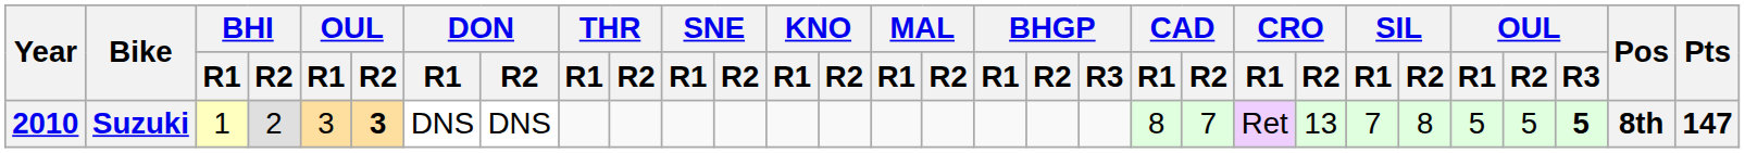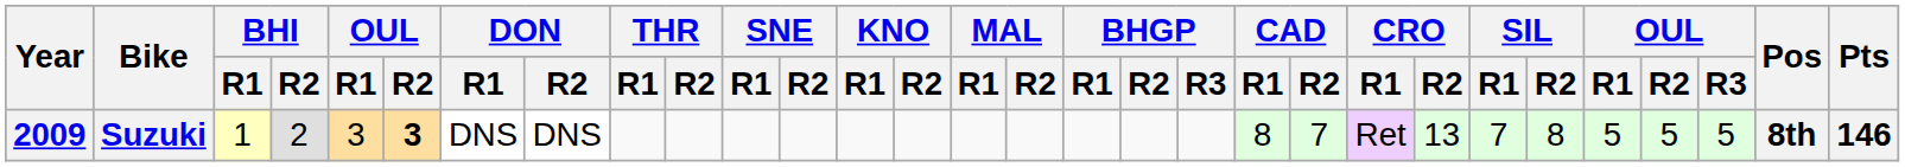 <table class="wikitable" style="text-align: center;font size:85%">
 <tr valign="top">
 <th valign="middle" rowspan=2>Year</th>
 <th valign="middle" rowspan=2>Bike</th>
 <th colspan=2><a href='#'>BHI</a><br></th>
 <th colspan=2><a href='#'>OUL</a><br></th>
 <th colspan=2><a href='#'>DON</a><br></th>
 <th colspan=2><a href='#'>THR</a><br></th>
 <th colspan=2><a href='#'>SNE</a><br></th>
 <th colspan=2><a href='#'>KNO</a><br></th>
 <th colspan=2><a href='#'>MAL</a><br></th>
 <th colspan=3><a href='#'>BHGP</a><br></th>
 <th colspan=2><a href='#'>CAD</a><br></th>
 <th colspan=2><a href='#'>CRO</a><br></th>
 <th colspan=2><a href='#'>SIL</a><br></th>
 <th colspan=3><a href='#'>OUL</a><br></th>
 <th valign="middle" rowspan=2>Pos</th>
 <th valign="middle" rowspan=2>Pts</th>
 </tr>
 <tr>
 <th>R1</th>
 <th>R2</th>
 <th>R1</th>
 <th>R2</th>
 <th>R1</th>
 <th>R2</th>
 <th>R1</th>
 <th>R2</th>
 <th>R1</th>
 <th>R2</th>
 <th>R1</th>
 <th>R2</th>
 <th>R1</th>
 <th>R2</th>
 <th>R1</th>
 <th>R2</th>
 <th>R3</th>
 <th>R1</th>
 <th>R2</th>
 <th>R1</th>
 <th>R2</th>
 <th>R1</th>
 <th>R2</th>
 <th>R1</th>
 <th>R2</th>
 <th>R3</th>
 </tr>
 <tr>
-<th><a href='#'>2010</a></th>
+<th><a href='#'>2009</a></th>
 <th><a href='#'>Suzuki</a></th>
 <td style="background:#FFFFBF;">1</td>
 <td style="background:#DFDFDF;">2</td>
 <td style="background:#FFDF9F;">3</td>
 <td style="background:#FFDF9F;"><strong>3</strong></td>
 <td style="background:#FFFFFF;">DNS</td>
 <td style="background:#FFFFFF;">DNS</td>
 <td></td>
 <td></td>
 <td></td>
 <td></td>
 <td></td>
 <td></td>
 <td></td>
 <td></td>
 <td></td>
 <td></td>
 <td></td>
 <td style="background:#DFFFDF;">8</td>
 <td style="background:#DFFFDF;">7</td>
 <td style="background:#EFCFFF;">Ret</td>
 <td style="background:#DFFFDF;">13</td>
 <td style="background:#DFFFDF;">7</td>
 <td style="background:#DFFFDF;">8</td>
 <td style="background:#DFFFDF;">5</td>
 <td style="background:#DFFFDF;">5</td>
-<td style="background:#DFFFDF;"><strong>5</strong></td>
+<td style="background:#DFFFDF;">5</td>
 <th>8th</th>
-<th>147</th>
+<th>146</th>
 </tr>
 </table>
